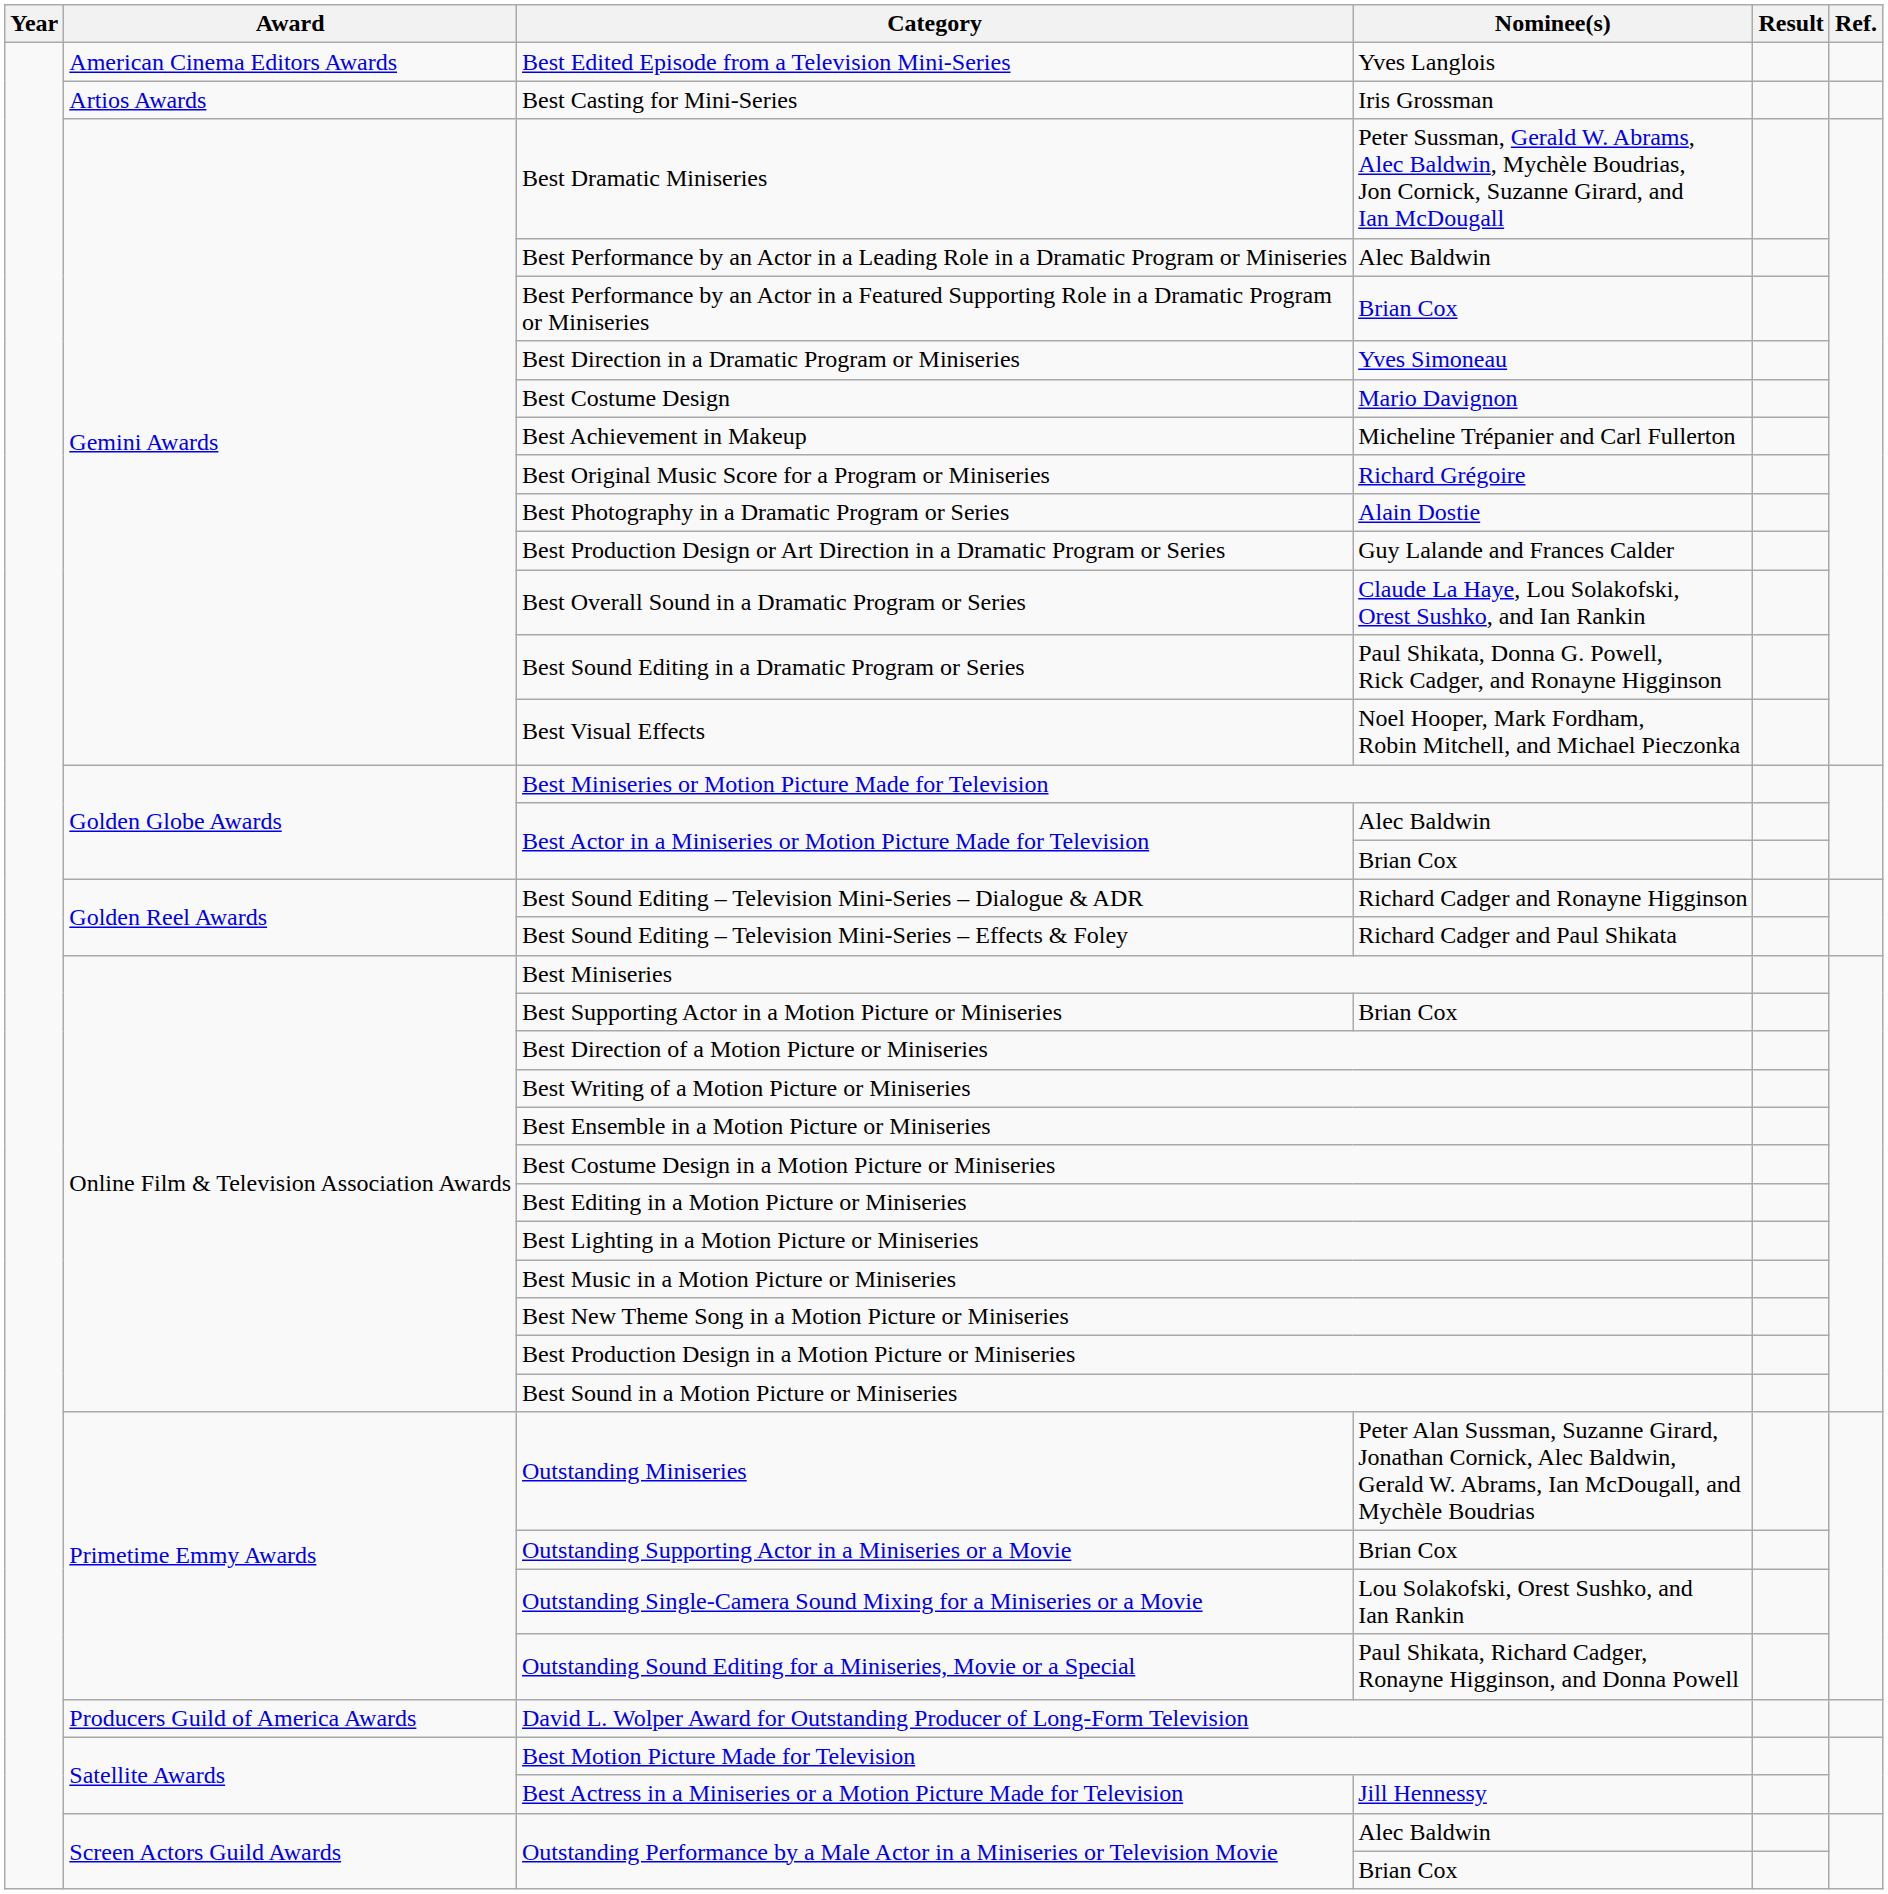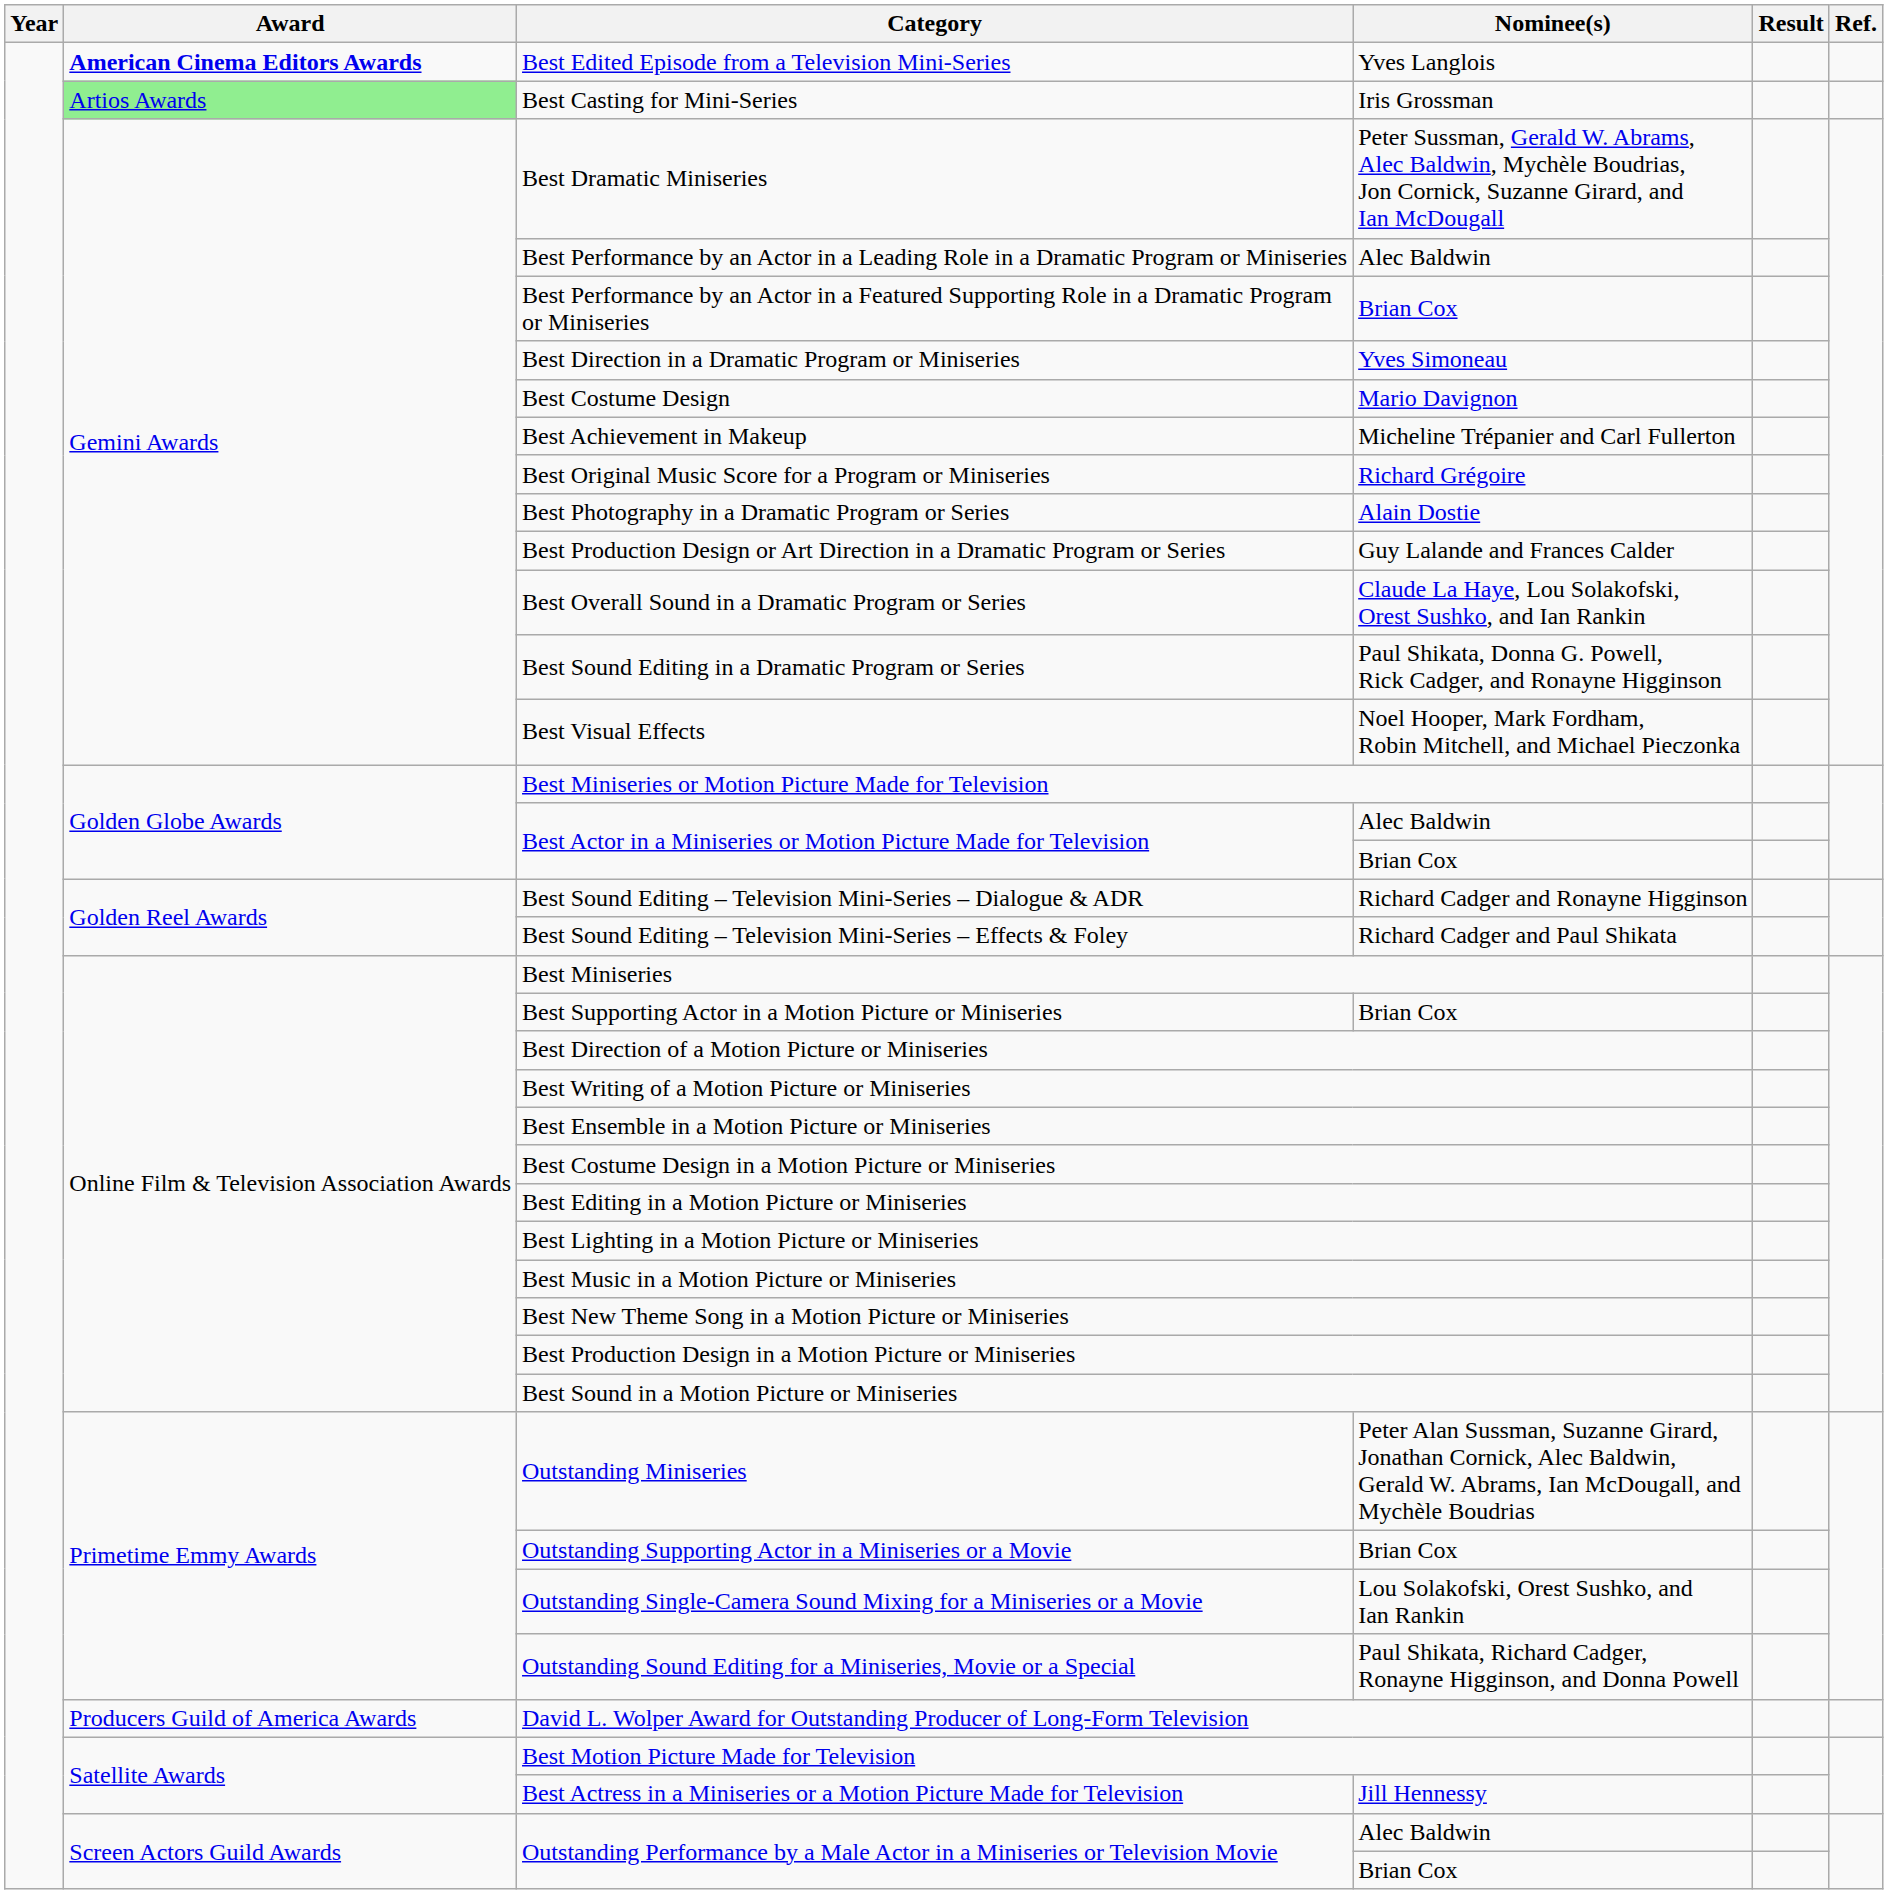 <table class="wikitable plainrowheaders">
 <tr>
 <th>Year</th>
 <th>Award</th>
 <th>Category</th>
 <th>Nominee(s)</th>
 <th>Result</th>
 <th>Ref.</th>
 </tr>
 <tr>
 <td rowspan="40"></td>
-<td><a href='#'>American Cinema Editors Awards</a></td>
+<td><strong><a href='#'>American Cinema Editors Awards</a></strong></td>
 <td><a href='#'>Best Edited Episode from a Television Mini-Series</a></td>
 <td>Yves Langlois </td>
 <td></td>
 <td align="center"></td>
 </tr>
 <tr>
-<td><a href='#'>Artios Awards</a></td>
+<td style="background: lightgreen;"><a href='#'>Artios Awards</a></td>
 <td>Best Casting for Mini-Series</td>
 <td>Iris Grossman</td>
 <td></td>
 <td align="center"></td>
 </tr>
 <tr>
 <td rowspan="12"><a href='#'>Gemini Awards</a></td>
 <td>Best Dramatic Miniseries</td>
 <td>Peter Sussman, <a href='#'>Gerald W. Abrams</a>, <br> <a href='#'>Alec Baldwin</a>, Mychèle Boudrias, <br> Jon Cornick, Suzanne Girard, and <br> <a href='#'>Ian McDougall</a></td>
 <td></td>
 <td align="center" rowspan="12"></td>
 </tr>
 <tr>
 <td>Best Performance by an Actor in a Leading Role in a Dramatic Program or Miniseries</td>
 <td>Alec Baldwin</td>
 <td></td>
 </tr>
 <tr>
 <td>Best Performance by an Actor in a Featured Supporting Role in a Dramatic Program <br> or Miniseries</td>
 <td><a href='#'>Brian Cox</a></td>
 <td></td>
 </tr>
 <tr>
 <td>Best Direction in a Dramatic Program or Miniseries</td>
 <td><a href='#'>Yves Simoneau</a></td>
 <td></td>
 </tr>
 <tr>
 <td>Best Costume Design</td>
 <td><a href='#'>Mario Davignon</a></td>
 <td></td>
 </tr>
 <tr>
 <td>Best Achievement in Makeup</td>
 <td>Micheline Trépanier and Carl Fullerton</td>
 <td></td>
 </tr>
 <tr>
 <td>Best Original Music Score for a Program or Miniseries</td>
 <td><a href='#'>Richard Grégoire</a></td>
 <td></td>
 </tr>
 <tr>
 <td>Best Photography in a Dramatic Program or Series</td>
 <td><a href='#'>Alain Dostie</a></td>
 <td></td>
 </tr>
 <tr>
 <td>Best Production Design or Art Direction in a Dramatic Program or Series</td>
 <td>Guy Lalande and Frances Calder</td>
 <td></td>
 </tr>
 <tr>
 <td>Best Overall Sound in a Dramatic Program or Series</td>
 <td><a href='#'>Claude La Haye</a>, Lou Solakofski, <br> <a href='#'>Orest Sushko</a>, and Ian Rankin</td>
 <td></td>
 </tr>
 <tr>
 <td>Best Sound Editing in a Dramatic Program or Series</td>
 <td>Paul Shikata, Donna G. Powell, <br> Rick Cadger, and Ronayne Higginson</td>
 <td></td>
 </tr>
 <tr>
 <td>Best Visual Effects</td>
 <td>Noel Hooper, Mark Fordham, <br> Robin Mitchell, and Michael Pieczonka</td>
 <td></td>
 </tr>
 <tr>
 <td rowspan="3"><a href='#'>Golden Globe Awards</a></td>
 <td colspan="2"><a href='#'>Best Miniseries or Motion Picture Made for Television</a></td>
 <td></td>
 <td align="center" rowspan="3"></td>
 </tr>
 <tr>
 <td rowspan="2"><a href='#'>Best Actor in a Miniseries or Motion Picture Made for Television</a></td>
 <td>Alec Baldwin</td>
 <td></td>
 </tr>
 <tr>
 <td>Brian Cox</td>
 <td></td>
 </tr>
 <tr>
 <td rowspan="2"><a href='#'>Golden Reel Awards</a></td>
 <td>Best Sound Editing – Television Mini-Series – Dialogue & ADR</td>
 <td>Richard Cadger and Ronayne Higginson</td>
 <td></td>
 <td rowspan="2" align="center"></td>
 </tr>
 <tr>
 <td>Best Sound Editing – Television Mini-Series – Effects & Foley</td>
 <td>Richard Cadger and Paul Shikata</td>
 <td></td>
 </tr>
 <tr>
 <td rowspan="12">Online Film & Television Association Awards</td>
 <td colspan="2">Best Miniseries</td>
 <td></td>
 <td align="center" rowspan="12"></td>
 </tr>
 <tr>
 <td>Best Supporting Actor in a Motion Picture or Miniseries</td>
 <td>Brian Cox</td>
 <td></td>
 </tr>
 <tr>
 <td colspan="2">Best Direction of a Motion Picture or Miniseries</td>
 <td></td>
 </tr>
 <tr>
 <td colspan="2">Best Writing of a Motion Picture or Miniseries</td>
 <td></td>
 </tr>
 <tr>
 <td colspan="2">Best Ensemble in a Motion Picture or Miniseries</td>
 <td></td>
 </tr>
 <tr>
 <td colspan="2">Best Costume Design in a Motion Picture or Miniseries</td>
 <td></td>
 </tr>
 <tr>
 <td colspan="2">Best Editing in a Motion Picture or Miniseries</td>
 <td></td>
 </tr>
 <tr>
 <td colspan="2">Best Lighting in a Motion Picture or Miniseries</td>
 <td></td>
 </tr>
 <tr>
 <td colspan="2">Best Music in a Motion Picture or Miniseries</td>
 <td></td>
 </tr>
 <tr>
 <td colspan="2">Best New Theme Song in a Motion Picture or Miniseries</td>
 <td></td>
 </tr>
 <tr>
 <td colspan="2">Best Production Design in a Motion Picture or Miniseries</td>
 <td></td>
 </tr>
 <tr>
 <td colspan="2">Best Sound in a Motion Picture or Miniseries</td>
 <td></td>
 </tr>
 <tr>
 <td rowspan="4"><a href='#'>Primetime Emmy Awards</a></td>
 <td><a href='#'>Outstanding Miniseries</a></td>
 <td>Peter Alan Sussman, Suzanne Girard, <br> Jonathan Cornick, Alec Baldwin, <br> Gerald W. Abrams, Ian McDougall, and <br> Mychèle Boudrias</td>
 <td></td>
 <td align="center" rowspan="4"></td>
 </tr>
 <tr>
 <td><a href='#'>Outstanding Supporting Actor in a Miniseries or a Movie</a></td>
 <td>Brian Cox</td>
 <td></td>
 </tr>
 <tr>
 <td><a href='#'>Outstanding Single-Camera Sound Mixing for a Miniseries or a Movie</a></td>
 <td>Lou Solakofski, Orest Sushko, and <br> Ian Rankin </td>
 <td></td>
 </tr>
 <tr>
 <td><a href='#'>Outstanding Sound Editing for a Miniseries, Movie or a Special</a></td>
 <td>Paul Shikata, Richard Cadger, <br> Ronayne Higginson, and Donna Powell <br> </td>
 <td></td>
 </tr>
 <tr>
 <td><a href='#'>Producers Guild of America Awards</a></td>
 <td colspan="2"><a href='#'>David L. Wolper Award for Outstanding Producer of Long-Form Television</a></td>
 <td></td>
 <td align="center"></td>
 </tr>
 <tr>
 <td rowspan="2"><a href='#'>Satellite Awards</a></td>
 <td colspan="2"><a href='#'>Best Motion Picture Made for Television</a></td>
 <td></td>
 <td align="center" rowspan="2"></td>
 </tr>
 <tr>
 <td><a href='#'>Best Actress in a Miniseries or a Motion Picture Made for Television</a></td>
 <td><a href='#'>Jill Hennessy</a></td>
 <td></td>
 </tr>
 <tr>
 <td rowspan="2"><a href='#'>Screen Actors Guild Awards</a></td>
 <td rowspan="2"><a href='#'>Outstanding Performance by a Male Actor in a Miniseries or Television Movie</a></td>
 <td>Alec Baldwin</td>
 <td></td>
 <td align="center" rowspan="2"></td>
 </tr>
 <tr>
 <td>Brian Cox</td>
 <td></td>
 </tr>
 </table>
